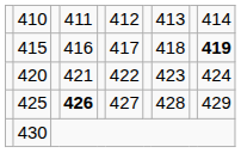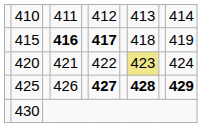 <table class="wikitable" style="text-align:center">
 <tr>
 <td></td>
 <td>410<br><big></big></td>
 <td></td>
 <td>411<br><big></big></td>
 <td></td>
 <td>412<br><big></big></td>
 <td></td>
 <td>413<br><big></big></td>
 <td></td>
 <td>414<br><big></big></td>
 </tr>
 <tr>
 <td></td>
 <td>415<br><big></big></td>
 <td></td>
-<td>416<br><big></big></td>
+<td><strong>416<br><big></big></strong></td>
 <td></td>
-<td>417<br><big></big></td>
+<td><strong>417<br><big></big></strong></td>
 <td></td>
 <td>418<br><big></big></td>
 <td></td>
-<td><strong>419<br><big></big></strong></td>
+<td>419<br><big></big></td>
 </tr>
 <tr>
 <td></td>
 <td>420<br><big></big></td>
 <td></td>
 <td>421<br><big></big></td>
 <td></td>
 <td>422<br><big></big></td>
 <td></td>
-<td>423<br><big></big></td>
+<td style="background: khaki;">423<br><big></big></td>
 <td></td>
 <td>424<br><big></big></td>
 </tr>
 <tr>
 <td></td>
 <td>425<br><big></big></td>
 <td></td>
-<td><strong>426<br><big></big></strong></td>
+<td>426<br><big></big></td>
 <td></td>
-<td>427<br><big></big></td>
+<td><strong>427<br><big></big></strong></td>
 <td></td>
-<td>428<br><big></big></td>
+<td><strong>428<br><big></big></strong></td>
 <td></td>
-<td>429<br><big></big></td>
+<td><strong>429<br><big></big></strong></td>
 </tr>
 <tr>
 <td></td>
 <td>430<br><big></big></td>
 </tr>
 </table>
